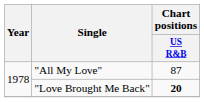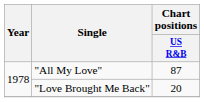 <table class="wikitable" style="text-align:center;">
 <tr>
 <th rowspan="2">Year</th>
 <th rowspan="2">Single</th>
 <th colspan="3">Chart positions</th>
 </tr>
 <tr style="font-size:smaller;">
 <th width="40"><a href='#'>US<br>R&B</a></th>
 </tr>
 <tr>
 <td rowspan="2">1978</td>
 <td align="left">"All My Love"</td>
 <td>87</td>
 </tr>
 <tr>
 <td align="left">"Love Brought Me Back"</td>
-<td><strong>20</strong></td>
+<td>20</td>
 </tr>
 <tr>
 </tr>
 </table>
